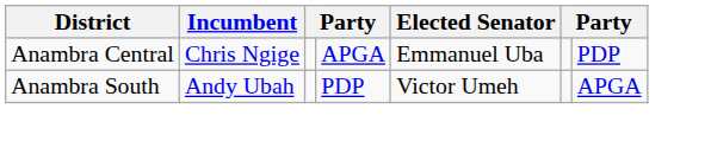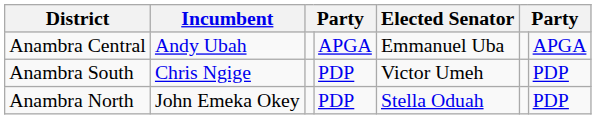 <table class="sortable wikitable" style="font-size:95%;line-height:14px;">
 <tr>
 <th class="unsortable">District</th>
 <th class="unsortable"><a href='#'>Incumbent</a></th>
 <th colspan="2">Party</th>
 <th class="unsortable">Elected Senator</th>
 <th colspan="2">Party</th>
 </tr>
 <tr>
 <td>Anambra Central</td>
-<td><a href='#'>Chris Ngige</a></td>
+<td><a href='#'>Andy Ubah</a></td>
 <td></td>
 <td><a href='#'>APGA</a></td>
 <td>Emmanuel Uba</td>
 <td style="background:"></td>
-<td><a href='#'>PDP</a></td>
+<td><a href='#'>APGA</a></td>
 </tr>
 <tr>
 <td>Anambra South</td>
-<td><a href='#'>Andy Ubah</a></td>
+<td><a href='#'>Chris Ngige</a></td>
 <td></td>
 <td><a href='#'>PDP</a></td>
 <td>Victor Umeh</td>
 <td style="background:"></td>
-<td><a href='#'>APGA</a></td>
+<td><a href='#'>PDP</a></td>
+</tr>
+<tr>
+<td>Anambra North</td>
+<td>John Emeka Okey</td>
+<td></td>
+<td><a href='#'>PDP</a></td>
+<td><a href='#'>Stella Oduah</a></td>
+<td style="background:"></td>
+<td><a href='#'>PDP</a></td>
 </tr>
 </table>
